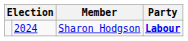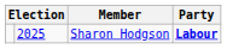 <table class="wikitable">
 <tr>
 <th colspan="2">Election</th>
 <th>Member</th>
 <th>Party</th>
 </tr>
 <tr>
 <td style="color:inherit;background-color: "></td>
-<td><a href='#'>2024</a></td>
+<td><a href='#'>2025</a></td>
 <td><a href='#'>Sharon Hodgson</a></td>
 <td><strong><a href='#'>Labour</a></strong></td>
 </tr>
 </table>
